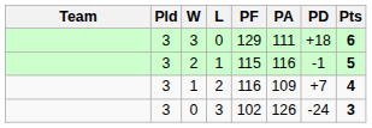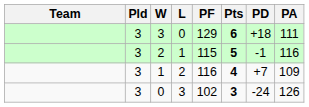 <table class="wikitable" style="text-align:center;">
 <tr>
 <th width=150>Team</th>
 <th width=20>Pld</th>
 <th width=20>W</th>
 <th width=20>L</th>
 <th width=30>PF</th>
+<th width=20>Pts</th>
+<th width=30>PD</th>
 <th width=30>PA</th>
-<th width=30>PD</th>
-<th width=20>Pts</th>
 </tr>
 <tr style="background:#cfc;">
 <td align="left"></td>
 <td>3</td>
 <td>3</td>
 <td>0</td>
 <td>129</td>
+<td><strong>6</strong></td>
+<td>+18</td>
 <td>111</td>
-<td>+18</td>
-<td><strong>6</strong></td>
 </tr>
 <tr style="background:#cfc;">
 <td align="left"></td>
 <td>3</td>
 <td>2</td>
 <td>1</td>
 <td>115</td>
+<td><strong>5</strong></td>
+<td>-1</td>
 <td>116</td>
-<td>-1</td>
-<td><strong>5</strong></td>
 </tr>
 <tr>
 <td align="left"></td>
 <td>3</td>
 <td>1</td>
 <td>2</td>
 <td>116</td>
+<td><strong>4</strong></td>
+<td>+7</td>
 <td>109</td>
-<td>+7</td>
-<td><strong>4</strong></td>
 </tr>
 <tr>
 <td align="left"></td>
 <td>3</td>
 <td>0</td>
 <td>3</td>
 <td>102</td>
+<td><strong>3</strong></td>
+<td>-24</td>
 <td>126</td>
-<td>-24</td>
-<td><strong>3</strong></td>
 </tr>
 </table>
